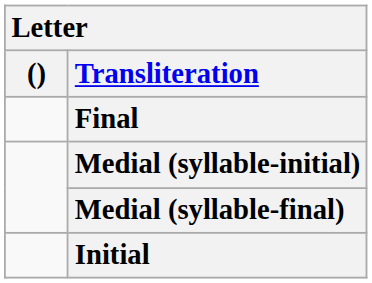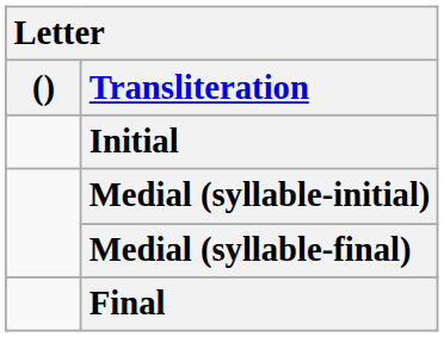 <table class="wikitable" style="text-align: center; display: inline-table;">
 <tr>
 <th colspan="2" style="text-align: left">Letter</th>
 </tr>
 <tr>
 <th style="min-width: 1.75em"> ()</th>
 <th style="text-align: left"><a href='#'>Transliteration</a></th>
 </tr>
 <tr>
-<td> </td>
-<th style="text-align: left">Final</th>
+<td></td>
+<th style="text-align: left">Initial</th>
 </tr>
 <tr>
 <td rowspan="2"></td>
 <th style="text-align: left">Medial (syllable-initial)</th>
 </tr>
 <tr>
 <th style="text-align: left">Medial (syllable-final)</th>
 </tr>
 <tr>
-<td></td>
-<th style="text-align: left">Initial</th>
+<td> </td>
+<th style="text-align: left">Final</th>
 </tr>
 </table>
